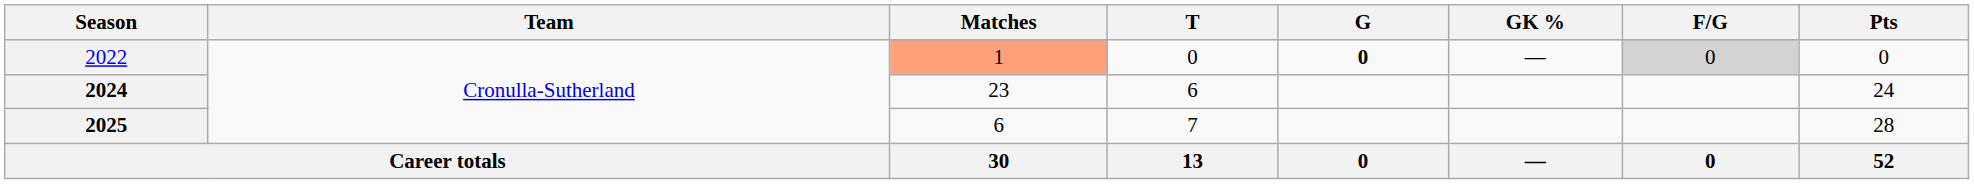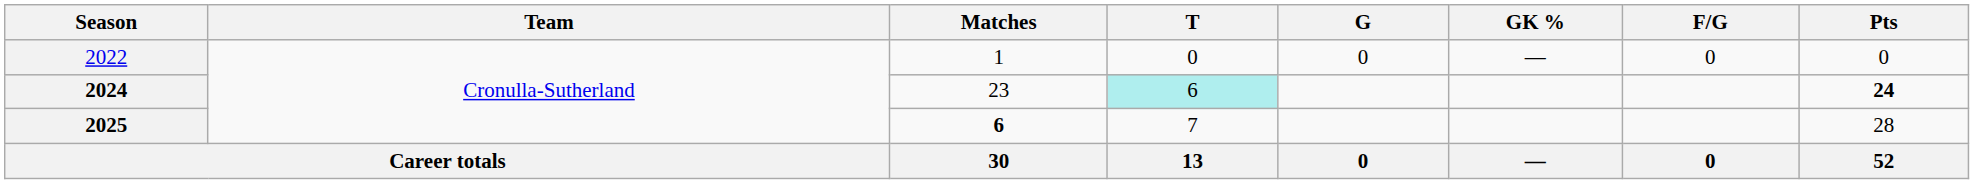 <table class="wikitable sortable"  style="font-size:90%; text-align:center; width:85%;">
 <tr>
 <th width=2%>Season</th>
 <th width=8%>Team</th>
 <th width=2%>Matches</th>
 <th width=2%>T</th>
 <th width=2%>G</th>
 <th width=2%>GK %</th>
 <th width=2%>F/G</th>
 <th width=2%>Pts</th>
 </tr>
 <tr>
 <th scope="row" style="text-align:center; font-weight:normal"><a href='#'>2022</a></th>
 <td rowspan="3" style="text-align:center;"> <a href='#'>Cronulla-Sutherland</a></td>
-<td style="background: lightsalmon;">1</td>
+<td>1</td>
 <td>0</td>
-<td><strong>0</strong></td>
+<td>0</td>
 <td>—</td>
-<td style="background: lightgrey;">0</td>
+<td>0</td>
 <td>0</td>
 </tr>
 <tr>
 <th>2024</th>
 <td>23</td>
-<td>6</td>
+<td style="background: paleturquoise;">6</td>
 <td></td>
 <td></td>
 <td></td>
-<td>24</td>
+<td><strong>24</strong></td>
 </tr>
 <tr>
 <th>2025</th>
-<td>6</td>
+<td><strong>6</strong></td>
 <td>7</td>
 <td></td>
 <td></td>
 <td></td>
 <td>28</td>
 </tr>
 <tr class="sortbottom">
 <th colspan="2">Career totals</th>
 <th>30</th>
 <th>13</th>
 <th>0</th>
 <th>—</th>
 <th>0</th>
 <th>52</th>
 </tr>
 </table>
